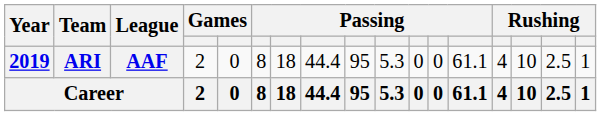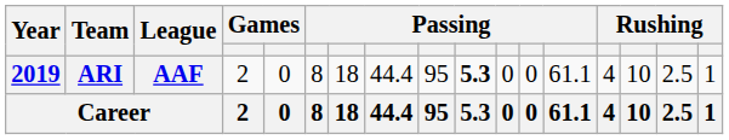 <table class="wikitable" style="text-align:center;">
 <tr>
 <th rowspan="2">Year</th>
 <th rowspan="2">Team</th>
 <th rowspan="2">League</th>
 <th colspan="2">Games</th>
 <th colspan="8">Passing</th>
 <th colspan="4">Rushing</th>
 </tr>
 <tr>
 <th></th>
 <th></th>
 <th></th>
 <th></th>
 <th></th>
 <th></th>
 <th></th>
 <th></th>
 <th></th>
 <th></th>
 <th></th>
 <th></th>
 <th></th>
 <th></th>
 </tr>
 <tr>
 <th><a href='#'>2019</a></th>
 <th><a href='#'>ARI</a></th>
 <th><a href='#'>AAF</a></th>
 <td>2</td>
 <td>0</td>
 <td>8</td>
 <td>18</td>
 <td>44.4</td>
 <td>95</td>
-<td>5.3</td>
+<td><strong>5.3</strong></td>
 <td>0</td>
 <td>0</td>
 <td>61.1</td>
 <td>4</td>
 <td>10</td>
 <td>2.5</td>
 <td>1</td>
 </tr>
 <tr>
 <th colspan="3">Career</th>
 <th>2</th>
 <th>0</th>
 <th>8</th>
 <th>18</th>
 <th>44.4</th>
 <th>95</th>
 <th>5.3</th>
 <th>0</th>
 <th>0</th>
 <th>61.1</th>
 <th>4</th>
 <th>10</th>
 <th>2.5</th>
 <th>1</th>
 </tr>
 </table>
